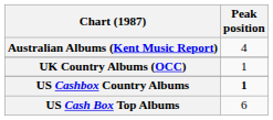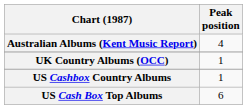 <table class="wikitable sortable plainrowheaders" style="text-align:center">
 <tr>
 <th scope="col">Chart (1987)</th>
 <th scope="col">Peak<br>position</th>
 </tr>
 <tr>
 <th scope="row">Australian Albums (<a href='#'>Kent Music Report</a>)</th>
 <td>4</td>
 </tr>
 <tr>
 </tr>
 <tr>
 </tr>
 <tr>
 </tr>
 <tr>
 </tr>
 <tr>
 </tr>
 <tr>
 <th scope="row">UK Country Albums (<a href='#'>OCC</a>)</th>
 <td>1</td>
 </tr>
 <tr>
 </tr>
 <tr>
 </tr>
 <tr>
 <th scope="row">US <em><a href='#'>Cashbox</a></em> Country Albums</th>
-<td align="center"><strong>1</strong></td>
+<td align="center">1</td>
 </tr>
 <tr>
 <th scope="row">US <em><a href='#'>Cash Box</a></em> Top Albums </th>
 <td align="center">6</td>
 </tr>
 </table>
